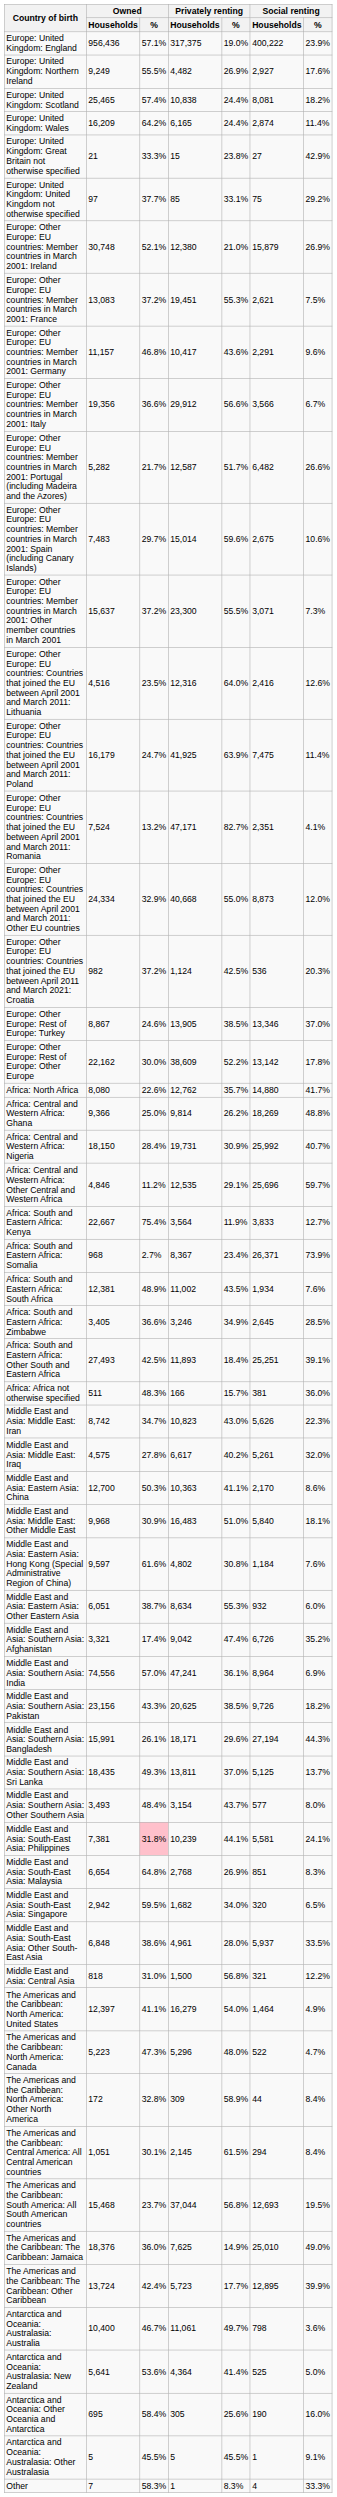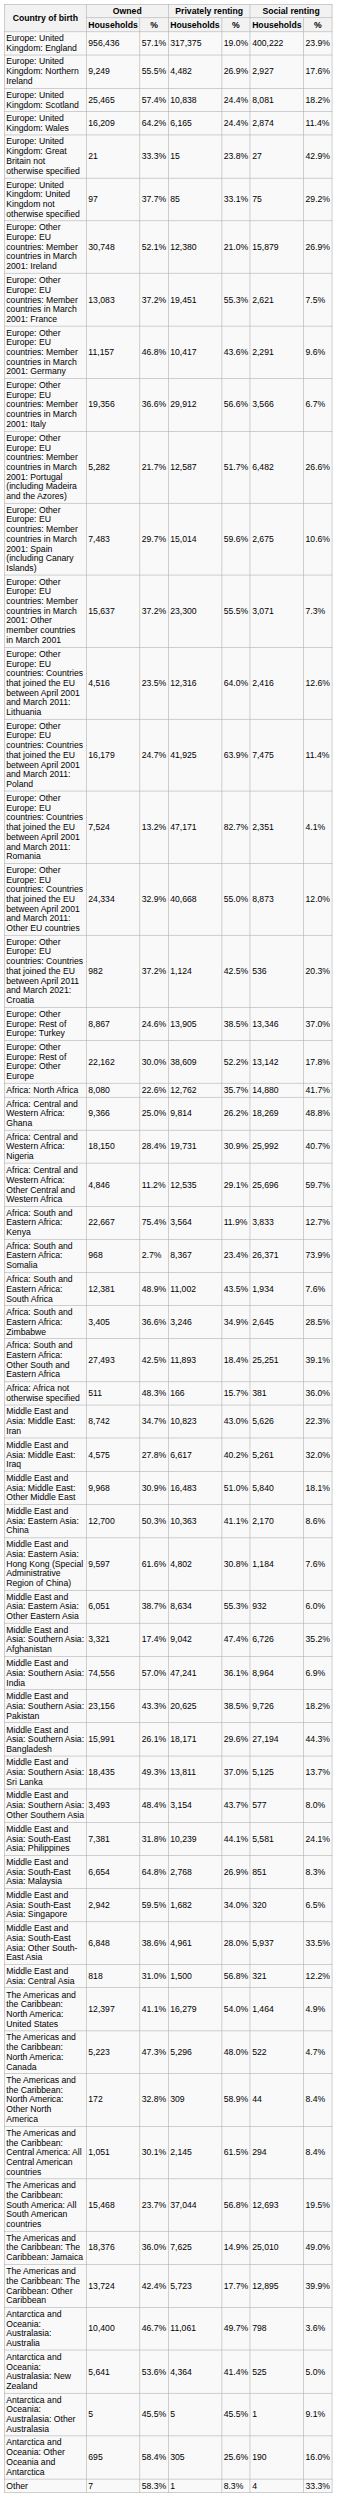 <table class="wikitable sortable mw-collapsible mw-collapsed">
 <tr>
 <th rowspan="2">Country of birth</th>
 <th colspan="2">Owned</th>
 <th colspan="2">Privately renting</th>
 <th colspan="2">Social renting</th>
 </tr>
 <tr>
 <th>Households</th>
 <th>%</th>
 <th>Households</th>
 <th>%</th>
 <th>Households</th>
 <th>%</th>
 </tr>
 <tr>
 <td>Europe:  United Kingdom: England</td>
 <td>956,436</td>
 <td>57.1%</td>
 <td>317,375</td>
 <td>19.0%</td>
 <td>400,222</td>
 <td>23.9%</td>
 </tr>
 <tr>
 <td>Europe: United Kingdom: Northern Ireland</td>
 <td>9,249</td>
 <td>55.5%</td>
 <td>4,482</td>
 <td>26.9%</td>
 <td>2,927</td>
 <td>17.6%</td>
 </tr>
 <tr>
 <td>Europe: United  Kingdom: Scotland</td>
 <td>25,465</td>
 <td>57.4%</td>
 <td>10,838</td>
 <td>24.4%</td>
 <td>8,081</td>
 <td>18.2%</td>
 </tr>
 <tr>
 <td>Europe: United Kingdom: Wales</td>
 <td>16,209</td>
 <td>64.2%</td>
 <td>6,165</td>
 <td>24.4%</td>
 <td>2,874</td>
 <td>11.4%</td>
 </tr>
 <tr>
 <td>Europe: United  Kingdom: Great Britain not otherwise specified</td>
 <td>21</td>
 <td>33.3%</td>
 <td>15</td>
 <td>23.8%</td>
 <td>27</td>
 <td>42.9%</td>
 </tr>
 <tr>
 <td>Europe: United Kingdom: United Kingdom not  otherwise specified</td>
 <td>97</td>
 <td>37.7%</td>
 <td>85</td>
 <td>33.1%</td>
 <td>75</td>
 <td>29.2%</td>
 </tr>
 <tr>
 <td>Europe: Other Europe:  EU countries: Member countries in March 2001: Ireland</td>
 <td>30,748</td>
 <td>52.1%</td>
 <td>12,380</td>
 <td>21.0%</td>
 <td>15,879</td>
 <td>26.9%</td>
 </tr>
 <tr>
 <td>Europe: Other Europe: EU countries: Member  countries in March 2001: France</td>
 <td>13,083</td>
 <td>37.2%</td>
 <td>19,451</td>
 <td>55.3%</td>
 <td>2,621</td>
 <td>7.5%</td>
 </tr>
 <tr>
 <td>Europe: Other Europe:  EU countries: Member countries in March 2001: Germany</td>
 <td>11,157</td>
 <td>46.8%</td>
 <td>10,417</td>
 <td>43.6%</td>
 <td>2,291</td>
 <td>9.6%</td>
 </tr>
 <tr>
 <td>Europe: Other Europe: EU countries: Member  countries in March 2001: Italy</td>
 <td>19,356</td>
 <td>36.6%</td>
 <td>29,912</td>
 <td>56.6%</td>
 <td>3,566</td>
 <td>6.7%</td>
 </tr>
 <tr>
 <td>Europe: Other Europe:  EU countries: Member countries in March 2001: Portugal (including Madeira and  the Azores)</td>
 <td>5,282</td>
 <td>21.7%</td>
 <td>12,587</td>
 <td>51.7%</td>
 <td>6,482</td>
 <td>26.6%</td>
 </tr>
 <tr>
 <td>Europe: Other Europe: EU countries: Member  countries in March 2001: Spain (including Canary Islands)</td>
 <td>7,483</td>
 <td>29.7%</td>
 <td>15,014</td>
 <td>59.6%</td>
 <td>2,675</td>
 <td>10.6%</td>
 </tr>
 <tr>
 <td>Europe: Other Europe:  EU countries: Member countries in March 2001: Other member countries in March  2001</td>
 <td>15,637</td>
 <td>37.2%</td>
 <td>23,300</td>
 <td>55.5%</td>
 <td>3,071</td>
 <td>7.3%</td>
 </tr>
 <tr>
 <td>Europe: Other Europe: EU countries: Countries that  joined the EU between April 2001 and March 2011: Lithuania</td>
 <td>4,516</td>
 <td>23.5%</td>
 <td>12,316</td>
 <td>64.0%</td>
 <td>2,416</td>
 <td>12.6%</td>
 </tr>
 <tr>
 <td>Europe: Other Europe:  EU countries: Countries that joined the EU between April 2001 and March 2011:  Poland</td>
 <td>16,179</td>
 <td>24.7%</td>
 <td>41,925</td>
 <td>63.9%</td>
 <td>7,475</td>
 <td>11.4%</td>
 </tr>
 <tr>
 <td>Europe: Other Europe: EU countries: Countries that  joined the EU between April 2001 and March 2011: Romania</td>
 <td>7,524</td>
 <td>13.2%</td>
 <td>47,171</td>
 <td>82.7%</td>
 <td>2,351</td>
 <td>4.1%</td>
 </tr>
 <tr>
 <td>Europe: Other Europe:  EU countries: Countries that joined the EU between April 2001 and March 2011:  Other EU countries</td>
 <td>24,334</td>
 <td>32.9%</td>
 <td>40,668</td>
 <td>55.0%</td>
 <td>8,873</td>
 <td>12.0%</td>
 </tr>
 <tr>
 <td>Europe: Other Europe: EU countries: Countries that  joined the EU between April 2011 and March 2021: Croatia</td>
 <td>982</td>
 <td>37.2%</td>
 <td>1,124</td>
 <td>42.5%</td>
 <td>536</td>
 <td>20.3%</td>
 </tr>
 <tr>
 <td>Europe: Other Europe:  Rest of Europe: Turkey</td>
 <td>8,867</td>
 <td>24.6%</td>
 <td>13,905</td>
 <td>38.5%</td>
 <td>13,346</td>
 <td>37.0%</td>
 </tr>
 <tr>
 <td>Europe: Other Europe: Rest of Europe: Other Europe</td>
 <td>22,162</td>
 <td>30.0%</td>
 <td>38,609</td>
 <td>52.2%</td>
 <td>13,142</td>
 <td>17.8%</td>
 </tr>
 <tr>
 <td>Africa: North Africa</td>
 <td>8,080</td>
 <td>22.6%</td>
 <td>12,762</td>
 <td>35.7%</td>
 <td>14,880</td>
 <td>41.7%</td>
 </tr>
 <tr>
 <td>Africa: Central and Western Africa: Ghana</td>
 <td>9,366</td>
 <td>25.0%</td>
 <td>9,814</td>
 <td>26.2%</td>
 <td>18,269</td>
 <td>48.8%</td>
 </tr>
 <tr>
 <td>Africa: Central and  Western Africa: Nigeria</td>
 <td>18,150</td>
 <td>28.4%</td>
 <td>19,731</td>
 <td>30.9%</td>
 <td>25,992</td>
 <td>40.7%</td>
 </tr>
 <tr>
 <td>Africa: Central and Western Africa: Other Central  and Western Africa</td>
 <td>4,846</td>
 <td>11.2%</td>
 <td>12,535</td>
 <td>29.1%</td>
 <td>25,696</td>
 <td>59.7%</td>
 </tr>
 <tr>
 <td>Africa: South and  Eastern Africa: Kenya</td>
 <td>22,667</td>
 <td>75.4%</td>
 <td>3,564</td>
 <td>11.9%</td>
 <td>3,833</td>
 <td>12.7%</td>
 </tr>
 <tr>
 <td>Africa: South and Eastern Africa: Somalia</td>
 <td>968</td>
 <td>2.7%</td>
 <td>8,367</td>
 <td>23.4%</td>
 <td>26,371</td>
 <td>73.9%</td>
 </tr>
 <tr>
 <td>Africa: South and  Eastern Africa: South Africa</td>
 <td>12,381</td>
 <td>48.9%</td>
 <td>11,002</td>
 <td>43.5%</td>
 <td>1,934</td>
 <td>7.6%</td>
 </tr>
 <tr>
 <td>Africa: South and Eastern Africa: Zimbabwe</td>
 <td>3,405</td>
 <td>36.6%</td>
 <td>3,246</td>
 <td>34.9%</td>
 <td>2,645</td>
 <td>28.5%</td>
 </tr>
 <tr>
 <td>Africa: South and  Eastern Africa: Other South and Eastern Africa</td>
 <td>27,493</td>
 <td>42.5%</td>
 <td>11,893</td>
 <td>18.4%</td>
 <td>25,251</td>
 <td>39.1%</td>
 </tr>
 <tr>
 <td>Africa: Africa not otherwise specified</td>
 <td>511</td>
 <td>48.3%</td>
 <td>166</td>
 <td>15.7%</td>
 <td>381</td>
 <td>36.0%</td>
 </tr>
 <tr>
 <td>Middle East and Asia:  Middle East: Iran</td>
 <td>8,742</td>
 <td>34.7%</td>
 <td>10,823</td>
 <td>43.0%</td>
 <td>5,626</td>
 <td>22.3%</td>
 </tr>
 <tr>
 <td>Middle East and Asia: Middle East: Iraq</td>
 <td>4,575</td>
 <td>27.8%</td>
 <td>6,617</td>
 <td>40.2%</td>
 <td>5,261</td>
 <td>32.0%</td>
 </tr>
 <tr>
+<td>Middle East and Asia:  Middle East: Other Middle East</td>
+<td>9,968</td>
+<td>30.9%</td>
+<td>16,483</td>
+<td>51.0%</td>
+<td>5,840</td>
+<td>18.1%</td>
+</tr>
+<tr>
 <td>Middle East and Asia: Eastern Asia: China</td>
 <td>12,700</td>
 <td>50.3%</td>
 <td>10,363</td>
 <td>41.1%</td>
 <td>2,170</td>
 <td>8.6%</td>
-</tr>
-<tr>
-<td>Middle East and Asia:  Middle East: Other Middle East</td>
-<td>9,968</td>
-<td>30.9%</td>
-<td>16,483</td>
-<td>51.0%</td>
-<td>5,840</td>
-<td>18.1%</td>
 </tr>
 <tr>
 <td>Middle East and Asia:  Eastern Asia: Hong Kong (Special Administrative Region of China)</td>
 <td>9,597</td>
 <td>61.6%</td>
 <td>4,802</td>
 <td>30.8%</td>
 <td>1,184</td>
 <td>7.6%</td>
 </tr>
 <tr>
 <td>Middle East and Asia: Eastern Asia: Other Eastern  Asia</td>
 <td>6,051</td>
 <td>38.7%</td>
 <td>8,634</td>
 <td>55.3%</td>
 <td>932</td>
 <td>6.0%</td>
 </tr>
 <tr>
 <td>Middle East and Asia:  Southern Asia: Afghanistan</td>
 <td>3,321</td>
 <td>17.4%</td>
 <td>9,042</td>
 <td>47.4%</td>
 <td>6,726</td>
 <td>35.2%</td>
 </tr>
 <tr>
 <td>Middle East and Asia: Southern Asia: India</td>
 <td>74,556</td>
 <td>57.0%</td>
 <td>47,241</td>
 <td>36.1%</td>
 <td>8,964</td>
 <td>6.9%</td>
 </tr>
 <tr>
 <td>Middle East and Asia:  Southern Asia: Pakistan</td>
 <td>23,156</td>
 <td>43.3%</td>
 <td>20,625</td>
 <td>38.5%</td>
 <td>9,726</td>
 <td>18.2%</td>
 </tr>
 <tr>
 <td>Middle East and Asia: Southern Asia: Bangladesh</td>
 <td>15,991</td>
 <td>26.1%</td>
 <td>18,171</td>
 <td>29.6%</td>
 <td>27,194</td>
 <td>44.3%</td>
 </tr>
 <tr>
 <td>Middle East and Asia:  Southern Asia: Sri Lanka</td>
 <td>18,435</td>
 <td>49.3%</td>
 <td>13,811</td>
 <td>37.0%</td>
 <td>5,125</td>
 <td>13.7%</td>
 </tr>
 <tr>
 <td>Middle East and Asia: Southern Asia: Other Southern  Asia</td>
 <td>3,493</td>
 <td>48.4%</td>
 <td>3,154</td>
 <td>43.7%</td>
 <td>577</td>
 <td>8.0%</td>
 </tr>
 <tr>
 <td>Middle East and Asia:  South-East Asia: Philippines</td>
 <td>7,381</td>
-<td style="background: pink;">31.8%</td>
+<td>31.8%</td>
 <td>10,239</td>
 <td>44.1%</td>
 <td>5,581</td>
 <td>24.1%</td>
 </tr>
 <tr>
 <td>Middle East and Asia: South-East Asia: Malaysia</td>
 <td>6,654</td>
 <td>64.8%</td>
 <td>2,768</td>
 <td>26.9%</td>
 <td>851</td>
 <td>8.3%</td>
 </tr>
 <tr>
 <td>Middle East and Asia:  South-East Asia: Singapore</td>
 <td>2,942</td>
 <td>59.5%</td>
 <td>1,682</td>
 <td>34.0%</td>
 <td>320</td>
 <td>6.5%</td>
 </tr>
 <tr>
 <td>Middle East and Asia: South-East Asia: Other  South-East Asia</td>
 <td>6,848</td>
 <td>38.6%</td>
 <td>4,961</td>
 <td>28.0%</td>
 <td>5,937</td>
 <td>33.5%</td>
 </tr>
 <tr>
 <td>Middle East and Asia:  Central Asia</td>
 <td>818</td>
 <td>31.0%</td>
 <td>1,500</td>
 <td>56.8%</td>
 <td>321</td>
 <td>12.2%</td>
 </tr>
 <tr>
 <td>The Americas and the Caribbean: North America:  United States</td>
 <td>12,397</td>
 <td>41.1%</td>
 <td>16,279</td>
 <td>54.0%</td>
 <td>1,464</td>
 <td>4.9%</td>
 </tr>
 <tr>
 <td>The Americas and the  Caribbean: North America: Canada</td>
 <td>5,223</td>
 <td>47.3%</td>
 <td>5,296</td>
 <td>48.0%</td>
 <td>522</td>
 <td>4.7%</td>
 </tr>
 <tr>
 <td>The Americas and the Caribbean: North America:  Other North America</td>
 <td>172</td>
 <td>32.8%</td>
 <td>309</td>
 <td>58.9%</td>
 <td>44</td>
 <td>8.4%</td>
 </tr>
 <tr>
 <td>The Americas and the  Caribbean: Central America: All Central American countries</td>
 <td>1,051</td>
 <td>30.1%</td>
 <td>2,145</td>
 <td>61.5%</td>
 <td>294</td>
 <td>8.4%</td>
 </tr>
 <tr>
 <td>The Americas and the Caribbean: South America: All  South American countries</td>
 <td>15,468</td>
 <td>23.7%</td>
 <td>37,044</td>
 <td>56.8%</td>
 <td>12,693</td>
 <td>19.5%</td>
 </tr>
 <tr>
 <td>The Americas and the  Caribbean: The Caribbean: Jamaica</td>
 <td>18,376</td>
 <td>36.0%</td>
 <td>7,625</td>
 <td>14.9%</td>
 <td>25,010</td>
 <td>49.0%</td>
 </tr>
 <tr>
 <td>The Americas and the Caribbean: The Caribbean:  Other Caribbean</td>
 <td>13,724</td>
 <td>42.4%</td>
 <td>5,723</td>
 <td>17.7%</td>
 <td>12,895</td>
 <td>39.9%</td>
 </tr>
 <tr>
 <td>Antarctica and  Oceania: Australasia: Australia</td>
 <td>10,400</td>
 <td>46.7%</td>
 <td>11,061</td>
 <td>49.7%</td>
 <td>798</td>
 <td>3.6%</td>
 </tr>
 <tr>
 <td>Antarctica and Oceania: Australasia: New Zealand</td>
 <td>5,641</td>
 <td>53.6%</td>
 <td>4,364</td>
 <td>41.4%</td>
 <td>525</td>
 <td>5.0%</td>
 </tr>
 <tr>
+<td>Antarctica and  Oceania: Australasia: Other Australasia</td>
+<td>5</td>
+<td>45.5%</td>
+<td>5</td>
+<td>45.5%</td>
+<td>1</td>
+<td>9.1%</td>
+</tr>
+<tr>
 <td>Antarctica and Oceania: Other Oceania and  Antarctica</td>
 <td>695</td>
 <td>58.4%</td>
 <td>305</td>
 <td>25.6%</td>
 <td>190</td>
 <td>16.0%</td>
-</tr>
-<tr>
-<td>Antarctica and  Oceania: Australasia: Other Australasia</td>
-<td>5</td>
-<td>45.5%</td>
-<td>5</td>
-<td>45.5%</td>
-<td>1</td>
-<td>9.1%</td>
 </tr>
 <tr>
 <td>Other</td>
 <td>7</td>
 <td>58.3%</td>
 <td>1</td>
 <td>8.3%</td>
 <td>4</td>
 <td>33.3%</td>
 </tr>
 </table>
